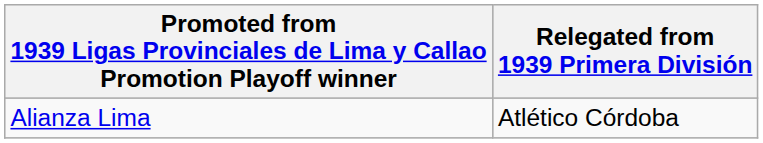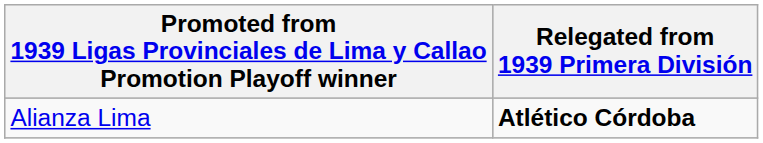 <table class="wikitable">
 <tr>
 <th>Promoted from<br><a href='#'>1939 Ligas Provinciales de Lima y Callao</a><br>Promotion Playoff winner</th>
 <th>Relegated from<br><a href='#'>1939 Primera División</a></th>
 </tr>
 <tr>
 <td> <a href='#'>Alianza Lima</a> </td>
-<td> Atlético Córdoba </td>
+<td><strong> Atlético Córdoba </strong></td>
 </tr>
 </table>
